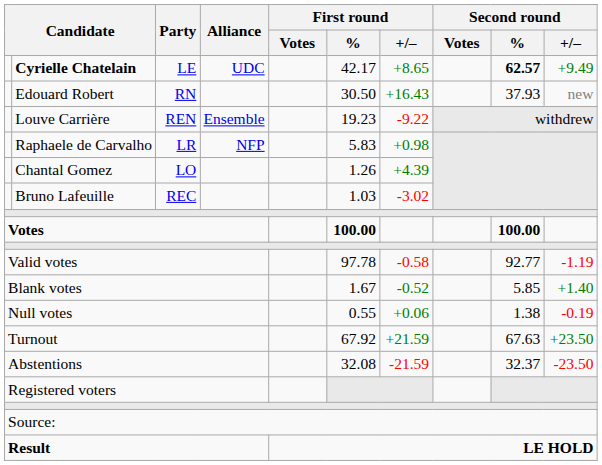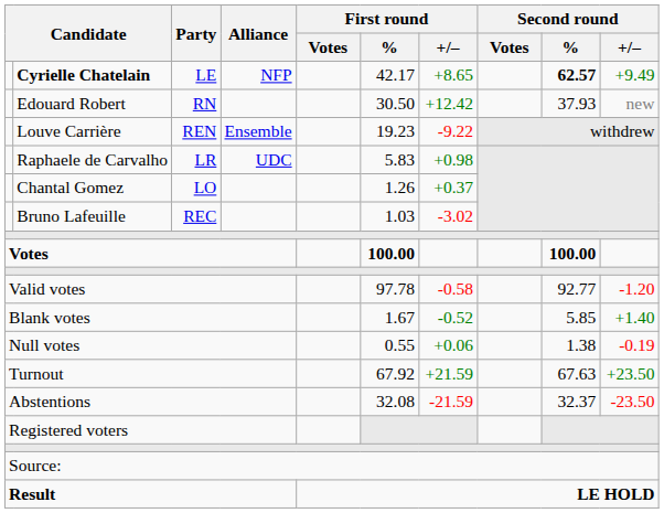 <table class="wikitable" style="text-align:right;font-size:95%;">
 <tr>
 <th rowspan="2" colspan="2">Candidate</th>
 <th colspan="1" rowspan="2">Party</th>
 <th colspan="1" rowspan="2">Alliance</th>
 <th colspan="3">First round</th>
 <th colspan="3">Second round</th>
 </tr>
 <tr>
 <th style="width:50px;">Votes</th>
 <th style="width:45px;">%</th>
 <th style="width:45px;">+/–</th>
 <th style="width:50px;">Votes</th>
 <th style="width:45px;">%</th>
 <th style="width:45px;">+/–</th>
 </tr>
 <tr>
 <td style="color:inherit;background:"></td>
 <td style="text-align:left;"><strong>Cyrielle Chatelain</strong></td>
 <td><a href='#'>LE</a></td>
-<td><a href='#'>UDC</a></td>
+<td><a href='#'>NFP</a></td>
 <td></td>
 <td>42.17</td>
 <td style="color:green;">+8.65</td>
 <td><strong></strong></td>
 <td><strong>62.57</strong></td>
 <td style="color:green;">+9.49</td>
 </tr>
 <tr>
 <td style="color:inherit;background:"></td>
 <td style="text-align:left;">Edouard Robert</td>
 <td><a href='#'>RN</a></td>
 <td></td>
 <td></td>
 <td>30.50</td>
-<td style="color:green;">+16.43</td>
+<td style="color:green;">+12.42</td>
 <td></td>
 <td>37.93</td>
 <td style="color:grey;">new</td>
 </tr>
 <tr>
 <td style="color:inherit;background:"></td>
 <td style="text-align:left;">Louve Carrière</td>
 <td><a href='#'>REN</a></td>
 <td><a href='#'>Ensemble</a></td>
 <td></td>
 <td>19.23</td>
 <td style="color:red;">-9.22</td>
 <td colspan="3" style="background:#E9E9E9;">withdrew</td>
 </tr>
 <tr>
 <td style="color:inherit;background:"></td>
 <td style="text-align:left;">Raphaele de Carvalho</td>
 <td><a href='#'>LR</a></td>
-<td><a href='#'>NFP</a></td>
+<td><a href='#'>UDC</a></td>
 <td></td>
 <td>5.83</td>
 <td style="color:green;">+0.98</td>
 <td colspan="3" rowspan="3" style="background:#E9E9E9;"></td>
 </tr>
 <tr>
 <td style="color:inherit;background:"></td>
 <td style="text-align:left;">Chantal Gomez</td>
 <td><a href='#'>LO</a></td>
 <td></td>
 <td></td>
 <td>1.26</td>
-<td style="color:green;">+4.39</td>
+<td style="color:green;">+0.37</td>
 </tr>
 <tr>
 <td style="color:inherit;background:"></td>
 <td style="text-align:left;">Bruno Lafeuille</td>
 <td><a href='#'>REC</a></td>
 <td></td>
 <td></td>
 <td>1.03</td>
 <td style="color:red;">-3.02</td>
 </tr>
 <tr>
 <td colspan="10" style="background:#E9E9E9;"></td>
 </tr>
 <tr style="font-weight:bold;">
 <td colspan="4" style="text-align:left;">Votes</td>
 <td></td>
 <td>100.00</td>
 <td></td>
 <td></td>
 <td>100.00</td>
 <td></td>
 </tr>
 <tr>
 <td colspan="10" style="background:#E9E9E9;"></td>
 </tr>
 <tr>
 <td colspan="4" style="text-align:left;">Valid votes</td>
 <td></td>
 <td>97.78</td>
 <td style="color:red;">-0.58</td>
 <td></td>
 <td>92.77</td>
-<td style="color:red;">-1.19</td>
+<td style="color:red;">-1.20</td>
 </tr>
 <tr>
 <td colspan="4" style="text-align:left;">Blank votes</td>
 <td></td>
 <td>1.67</td>
 <td style="color:green;">-0.52</td>
 <td></td>
 <td>5.85</td>
 <td style="color:green;">+1.40</td>
 </tr>
 <tr>
 <td colspan="4" style="text-align:left;">Null votes</td>
 <td></td>
 <td>0.55</td>
 <td style="color:green;">+0.06</td>
 <td></td>
 <td>1.38</td>
 <td style="color:red;">-0.19</td>
 </tr>
 <tr>
 <td colspan="4" style="text-align:left;">Turnout</td>
 <td></td>
 <td>67.92</td>
 <td style="color:green;">+21.59</td>
 <td></td>
 <td>67.63</td>
 <td style="color:green;">+23.50</td>
 </tr>
 <tr>
 <td colspan="4" style="text-align:left;">Abstentions</td>
 <td></td>
 <td>32.08</td>
 <td style="color:red;">-21.59</td>
 <td></td>
 <td>32.37</td>
 <td style="color:red;">-23.50</td>
 </tr>
 <tr>
 <td colspan="4" style="text-align:left;">Registered voters</td>
 <td></td>
 <td colspan="2" style="background:#E9E9E9;"></td>
 <td></td>
 <td colspan="2" style="background:#E9E9E9;"></td>
 </tr>
 <tr>
 <td colspan="10" style="background:#E9E9E9;"></td>
 </tr>
 <tr>
 <td colspan="10" style="text-align:left;">Source: </td>
 </tr>
 <tr style="font-weight:bold">
 <td colspan="4" style="text-align:left;">Result</td>
 <td colspan="6" style="background-color:">LE HOLD</td>
 </tr>
 </table>
